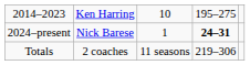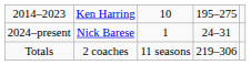 <table class="wikitable" style="text-align:center">
 <tr>
 <td>2014–2023</td>
 <td><a href='#'>Ken Harring</a></td>
 <td>10</td>
 <td>195–275</td>
 <td></td>
 </tr>
 <tr>
 <td>2024–present</td>
 <td><a href='#'>Nick Barese</a></td>
 <td>1</td>
-<td><strong>24–31</strong></td>
+<td>24–31</td>
 <td></td>
 </tr>
 <tr class="sortbottom">
 <td>Totals</td>
 <td>2 coaches</td>
 <td>11 seasons</td>
 <td>219–306</td>
 <td></td>
 </tr>
 </table>
